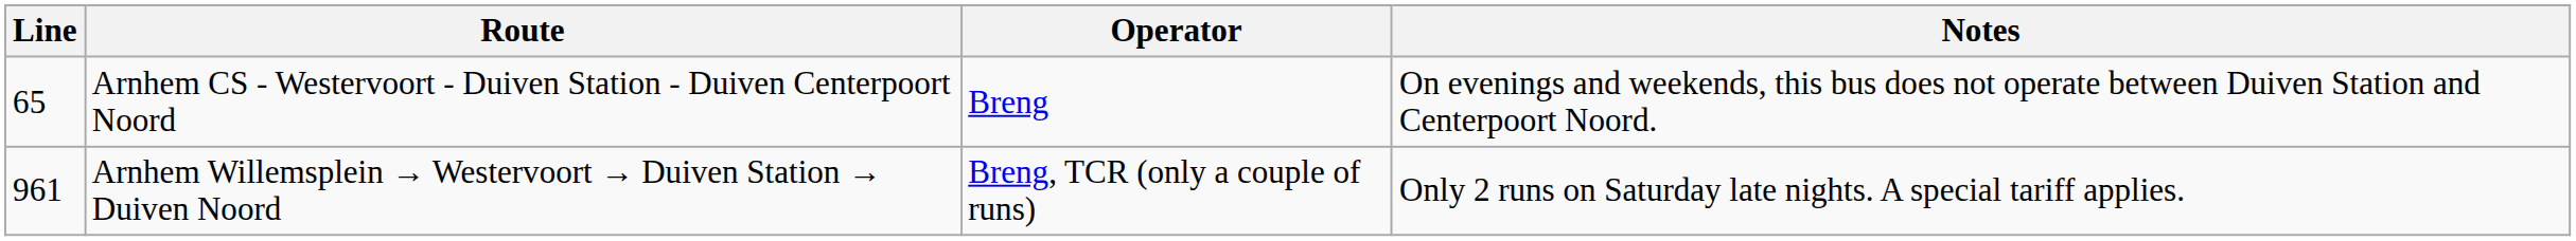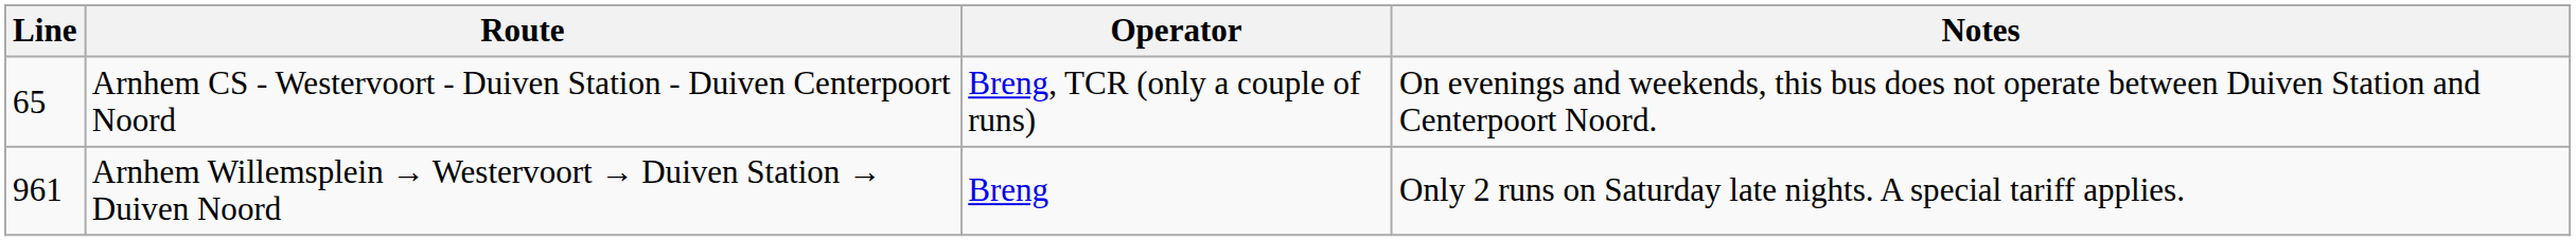 <table class="wikitable">
 <tr>
 <th>Line</th>
 <th>Route</th>
 <th>Operator</th>
 <th>Notes</th>
 </tr>
 <tr>
 <td>65</td>
 <td>Arnhem CS - Westervoort - Duiven Station - Duiven Centerpoort Noord</td>
-<td><a href='#'>Breng</a></td>
+<td><a href='#'>Breng</a>, TCR (only a couple of runs)</td>
 <td>On evenings and weekends, this bus does not operate between Duiven Station and Centerpoort Noord.</td>
 </tr>
 <tr>
 <td>961</td>
 <td>Arnhem Willemsplein → Westervoort → Duiven Station → Duiven Noord</td>
-<td><a href='#'>Breng</a>, TCR (only a couple of runs)</td>
+<td><a href='#'>Breng</a></td>
 <td>Only 2 runs on Saturday late nights. A special tariff applies.</td>
 </tr>
 </table>
